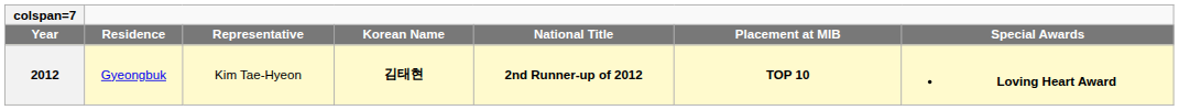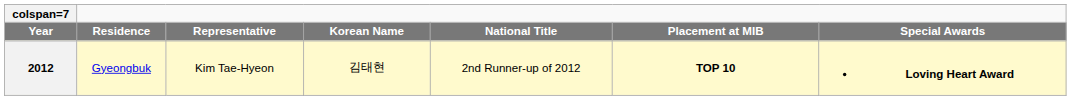 <table class="wikitable sortable" style="font-size: 85%; text-align:center">
 <tr>
 <th>colspan=7 </th>
 </tr>
 <tr>
 <th width="80" style="background-color:#787878;color:#FFFFFF;">Year</th>
 <th width="100" style="background-color:#787878;color:#FFFFFF;">Residence</th>
 <th width="160" style="background-color:#787878;color:#FFFFFF;">Representative</th>
 <th width="150" style="background-color:#787878;color:#FFFFFF;">Korean Name</th>
 <th width="220" style="background-color:#787878;color:#FFFFFF;">National Title</th>
 <th width="250" style="background-color:#787878;color:#FFFFFF;">Placement at MIB</th>
 <th width="300" style="background-color:#787878;color:#FFFFFF;">Special Awards</th>
 </tr>
 <tr style="background-color:#FFFACD; ">
 <th>2012</th>
 <td><a href='#'>Gyeongbuk</a></td>
 <td>Kim Tae-Hyeon</td>
-<td><strong>김태현</strong></td>
-<td><strong>2nd Runner-up of 2012</strong></td>
+<td>김태현</td>
+<td>2nd Runner-up of 2012</td>
 <td><strong>TOP 10</strong></td>
 <td><br><ul><li><strong> Loving Heart Award</strong></li></ul></td>
 </tr>
 </table>
